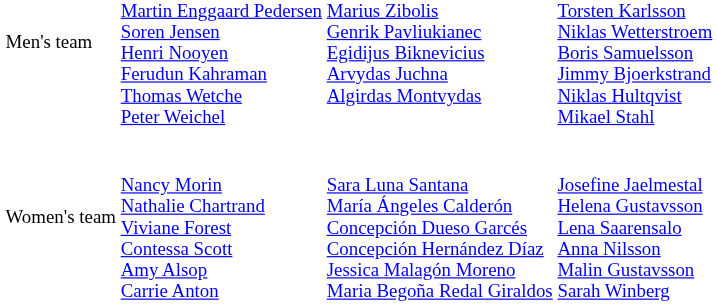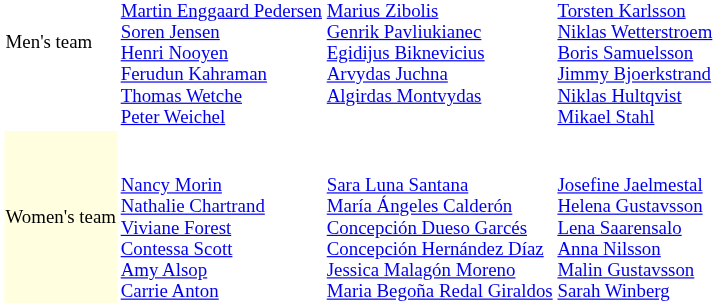 <table>
 <tr class="nowrap">
 <td>Men's team</td>
 <td valign=top> <br><br><a href='#'>Martin Enggaard Pedersen</a> <br> <a href='#'>Soren Jensen</a> <br> <a href='#'>Henri Nooyen</a> <br> <a href='#'>Ferudun Kahraman</a> <br> <a href='#'>Thomas Wetche</a> <br> <a href='#'>Peter Weichel</a></td>
 <td valign=top> <br><br><a href='#'>Marius Zibolis</a> <br> <a href='#'>Genrik Pavliukianec</a> <br> <a href='#'>Egidijus Biknevicius</a> <br> <a href='#'>Arvydas Juchna</a> <br> <a href='#'>Algirdas Montvydas</a></td>
 <td valign=top> <br><br><a href='#'>Torsten Karlsson</a> <br> <a href='#'>Niklas Wetterstroem</a> <br> <a href='#'>Boris Samuelsson</a> <br> <a href='#'>Jimmy Bjoerkstrand</a> <br> <a href='#'>Niklas Hultqvist</a> <br> <a href='#'>Mikael Stahl</a></td>
 </tr>
 <tr class="nowrap">
-<td>Women's team</td>
+<td style="background: lightyellow;">Women's team</td>
 <td valign=top> <br><br><a href='#'>Nancy Morin</a> <br> <a href='#'>Nathalie Chartrand</a> <br> <a href='#'>Viviane Forest</a> <br> <a href='#'>Contessa Scott</a> <br> <a href='#'>Amy Alsop</a> <br> <a href='#'>Carrie Anton</a></td>
 <td valign=top> <br><br><a href='#'>Sara Luna Santana</a> <br> <a href='#'>María Ángeles Calderón</a> <br> <a href='#'>Concepción Dueso Garcés</a> <br> <a href='#'>Concepción Hernández Díaz</a> <br> <a href='#'>Jessica Malagón Moreno</a> <br> <a href='#'>Maria Begoña Redal Giraldos</a></td>
 <td valign=top> <br><br><a href='#'>Josefine Jaelmestal</a> <br> <a href='#'>Helena Gustavsson</a> <br> <a href='#'>Lena Saarensalo</a> <br> <a href='#'>Anna Nilsson</a> <br> <a href='#'>Malin Gustavsson</a> <br> <a href='#'>Sarah Winberg</a></td>
 </tr>
 </table>
